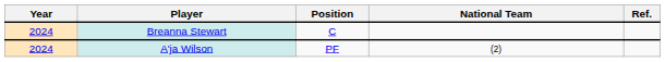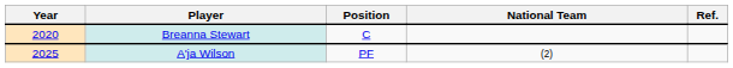 <table class="wikitable" style="width: 70%; text-align:center; font-size:90%">
 <tr>
 <th width=10%>Year</th>
 <th width=30%>Player</th>
 <th width=10%>Position</th>
 <th width=35%>National Team</th>
 <th width=5%>Ref.</th>
 </tr>
 <tr style = "border-top:2px solid black;">
-<td style="background-color:#FFE6BD; text-align: center"><a href='#'>2024</a></td>
+<td style="background-color:#FFE6BD; text-align: center"><a href='#'>2020</a></td>
 <td style="background-color:#CFECEC; text-align=center"><a href='#'>Breanna Stewart</a></td>
 <td align=center><a href='#'>C</a></td>
 <td align=center></td>
 <td></td>
 </tr>
 <tr style = "border-top:2px solid black;">
-<td style="background-color:#FFE6BD; text-align: center"><a href='#'>2024</a></td>
+<td style="background-color:#FFE6BD; text-align: center"><a href='#'>2025</a></td>
 <td style="background-color:#CFECEC; text-align=center"><a href='#'>A'ja Wilson</a></td>
 <td align=center><a href='#'>PF</a></td>
 <td align=center> <small>(2)</small></td>
 <td></td>
 </tr>
 </table>
